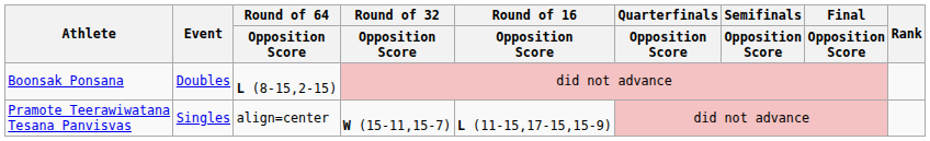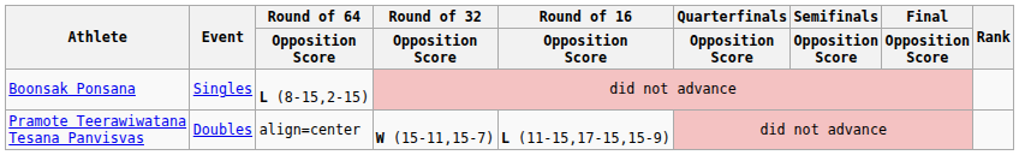 <table class=wikitable style="font-size:90%">
 <tr>
 <th rowspan="2">Athlete</th>
 <th rowspan="2">Event</th>
 <th>Round of 64</th>
 <th>Round of 32</th>
 <th>Round of 16</th>
 <th>Quarterfinals</th>
 <th>Semifinals</th>
 <th>Final</th>
 <th rowspan="2">Rank</th>
 </tr>
 <tr>
 <th>Opposition<br>Score</th>
 <th>Opposition<br>Score</th>
 <th>Opposition<br>Score</th>
 <th>Opposition<br>Score</th>
 <th>Opposition<br>Score</th>
 <th>Opposition<br>Score</th>
 </tr>
 <tr>
 <td><a href='#'>Boonsak Ponsana</a></td>
-<td><a href='#'>Doubles</a></td>
+<td><a href='#'>Singles</a></td>
 <td><br> <strong>L</strong> (8-15,2-15)</td>
 <td bgcolor="f4c2c2" colspan=5 align="center">did not advance</td>
 <td></td>
 </tr>
 <tr>
 <td><a href='#'>Pramote Teerawiwatana</a><br><a href='#'>Tesana Panvisvas</a></td>
-<td><a href='#'>Singles</a></td>
+<td><a href='#'>Doubles</a></td>
 <td>align=center </td>
 <td><br> <strong>W</strong> (15-11,15-7)</td>
 <td><br> <strong>L</strong> (11-15,17-15,15-9)</td>
 <td bgcolor="f4c2c2" colspan=3 align="center">did not advance</td>
 <td></td>
 </tr>
 <tr>
 </tr>
 </table>
